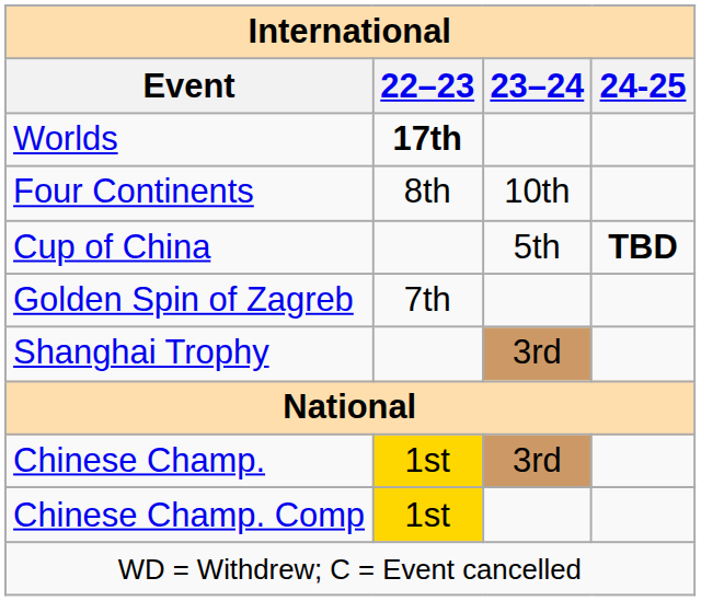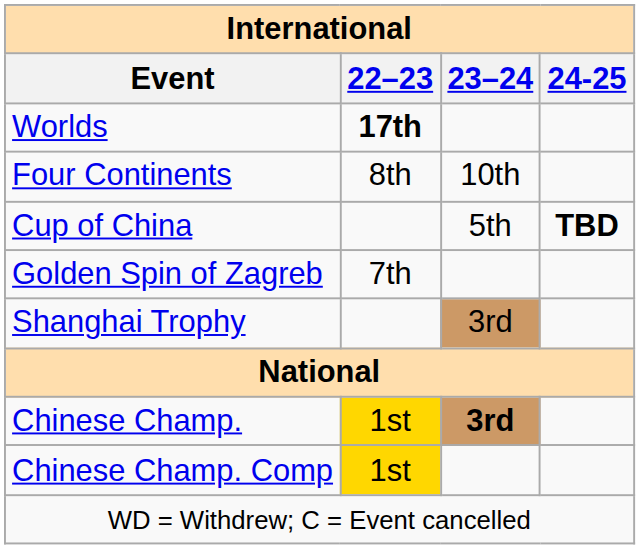 <table class="wikitable" style="text-align:center">
 <tr>
 <th style="background-color: #ffdead; " colspan=6 align=center>International</th>
 </tr>
 <tr>
 <th>Event</th>
 <th><a href='#'>22–23</a></th>
 <th><a href='#'>23–24</a></th>
 <th><a href='#'>24-25</a></th>
 </tr>
 <tr>
 <td align=left><a href='#'>Worlds</a></td>
 <td><strong>17th</strong></td>
 <td></td>
 <td></td>
 </tr>
 <tr>
 <td align=left><a href='#'>Four Continents</a></td>
 <td>8th</td>
 <td>10th</td>
 <td></td>
 </tr>
 <tr>
 <td align=left> <a href='#'>Cup of China</a></td>
 <td></td>
 <td>5th</td>
 <td><strong>TBD</strong></td>
 </tr>
 <tr>
 <td align=left> <a href='#'>Golden Spin of Zagreb </a></td>
 <td>7th</td>
 <td></td>
 <td></td>
 </tr>
 <tr>
 <td align=left><a href='#'>Shanghai Trophy</a></td>
 <td></td>
 <td bgcolor=cc9966>3rd</td>
 <td></td>
 </tr>
 <tr>
 <th style="background-color: #ffdead; " colspan=7 align=center>National</th>
 </tr>
 <tr>
 <td align=left><a href='#'>Chinese Champ.</a></td>
 <td bgcolor=gold>1st</td>
-<td bgcolor=cc9966>3rd</td>
+<td bgcolor=cc9966><strong>3rd</strong></td>
 <td></td>
 </tr>
 <tr>
 <td align=left><a href='#'>Chinese Champ. Comp</a></td>
 <td bgcolor=gold>1st</td>
 <td></td>
 <td></td>
 </tr>
 <tr>
 <td colspan=6 align=center><small> WD = Withdrew; C = Event cancelled </small></td>
 </tr>
 </table>
